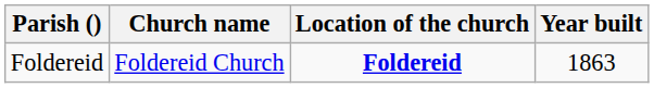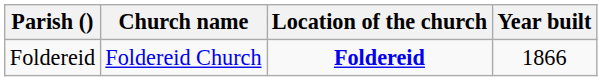 <table class="wikitable" style="text-align:center">
 <tr>
 <th>Parish ()</th>
 <th>Church name</th>
 <th>Location of the church</th>
 <th>Year built</th>
 </tr>
 <tr>
 <td>Foldereid</td>
 <td><a href='#'>Foldereid Church</a></td>
 <td><strong><a href='#'>Foldereid</a></strong></td>
-<td>1863</td>
+<td>1866</td>
 </tr>
 </table>
